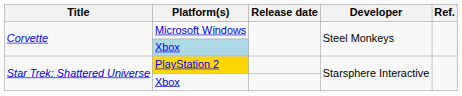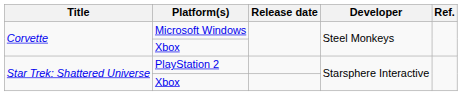 <table class="wikitable sortable">
 <tr>
 <th>Title</th>
 <th>Platform(s)</th>
 <th>Release date</th>
 <th>Developer</th>
 <th>Ref.</th>
 </tr>
 <tr>
 <td rowspan="2"><em><a href='#'>Corvette</a></em></td>
 <td><a href='#'>Microsoft Windows</a></td>
 <td rowspan="2"></td>
 <td rowspan="2">Steel Monkeys</td>
 <td rowspan="2"></td>
 </tr>
 <tr>
-<td style="background: lightblue;"><a href='#'>Xbox</a></td>
+<td><a href='#'>Xbox</a></td>
 </tr>
 <tr>
 <td rowspan="2"><em><a href='#'>Star Trek: Shattered Universe</a></em></td>
-<td style="background: gold;"><a href='#'>PlayStation 2</a></td>
+<td><a href='#'>PlayStation 2</a></td>
 <td></td>
 <td rowspan="2">Starsphere Interactive</td>
 <td rowspan="2"></td>
 </tr>
 <tr>
 <td><a href='#'>Xbox</a></td>
 <td></td>
 </tr>
 </table>
